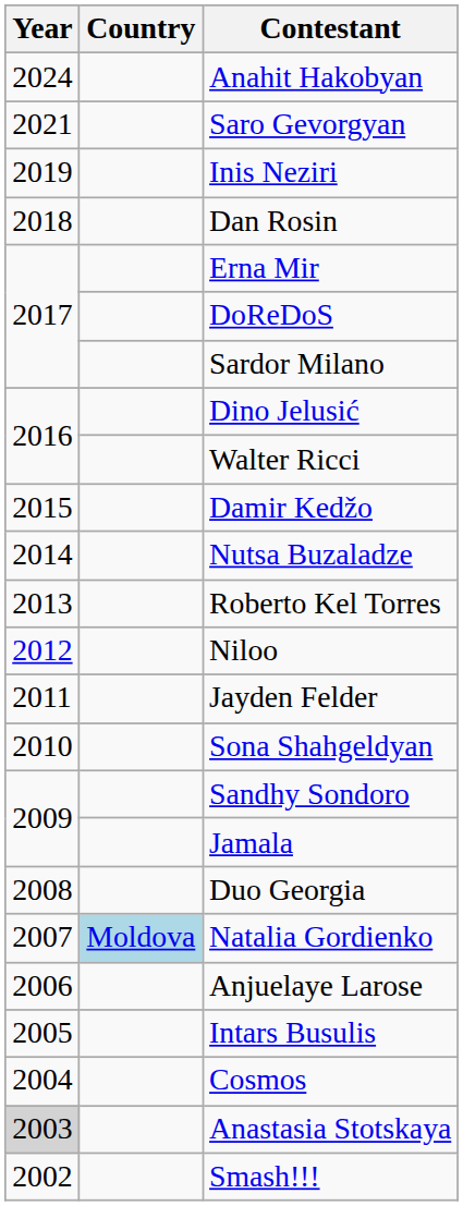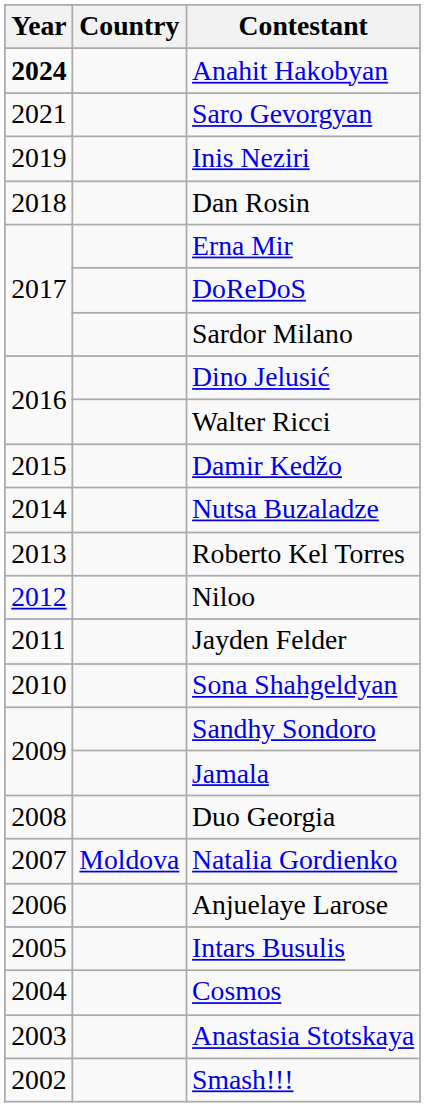 <table class="wikitable">
 <tr>
 <th>Year</th>
 <th>Country</th>
 <th>Contestant</th>
 </tr>
 <tr>
-<td>2024</td>
+<td><strong>2024</strong></td>
 <td></td>
 <td><a href='#'>Anahit Hakobyan</a></td>
 </tr>
 <tr>
 <td>2021</td>
 <td></td>
 <td><a href='#'>Saro Gevorgyan</a></td>
 </tr>
 <tr>
 <td>2019</td>
 <td></td>
 <td><a href='#'>Inis Neziri</a></td>
 </tr>
 <tr>
 <td>2018</td>
 <td></td>
 <td>Dan Rosin</td>
 </tr>
 <tr>
 <td rowspan="3">2017</td>
 <td></td>
 <td><a href='#'>Erna Mir</a></td>
 </tr>
 <tr>
 <td></td>
 <td><a href='#'>DoReDoS</a></td>
 </tr>
 <tr>
 <td></td>
 <td>Sardor Milano</td>
 </tr>
 <tr>
 <td rowspan="2">2016</td>
 <td></td>
 <td><a href='#'>Dino Jelusić</a></td>
 </tr>
 <tr>
 <td></td>
 <td>Walter Ricci</td>
 </tr>
 <tr>
 <td>2015</td>
 <td></td>
 <td><a href='#'>Damir Kedžo</a></td>
 </tr>
 <tr>
 <td>2014</td>
 <td></td>
 <td><a href='#'>Nutsa Buzaladze</a></td>
 </tr>
 <tr>
 <td>2013</td>
 <td></td>
 <td>Roberto Kel Torres</td>
 </tr>
 <tr>
 <td><a href='#'>2012</a></td>
 <td></td>
 <td>Niloo</td>
 </tr>
 <tr>
 <td>2011</td>
 <td></td>
 <td>Jayden Felder</td>
 </tr>
 <tr>
 <td>2010</td>
 <td></td>
 <td><a href='#'>Sona Shahgeldyan</a></td>
 </tr>
 <tr>
 <td rowspan="2">2009</td>
 <td></td>
 <td><a href='#'>Sandhy Sondoro</a></td>
 </tr>
 <tr>
 <td></td>
 <td><a href='#'>Jamala</a></td>
 </tr>
 <tr>
 <td>2008</td>
 <td></td>
 <td>Duo Georgia</td>
 </tr>
 <tr>
 <td>2007</td>
-<td style="background: lightblue;"> <a href='#'>Moldova</a></td>
+<td> <a href='#'>Moldova</a></td>
 <td><a href='#'>Natalia Gordienko</a></td>
 </tr>
 <tr>
 <td>2006</td>
 <td></td>
 <td>Anjuelaye Larose</td>
 </tr>
 <tr>
 <td>2005</td>
 <td></td>
 <td><a href='#'>Intars Busulis</a></td>
 </tr>
 <tr>
 <td>2004</td>
 <td></td>
 <td><a href='#'>Cosmos</a></td>
 </tr>
 <tr>
-<td style="background: lightgrey;">2003</td>
+<td>2003</td>
 <td></td>
 <td><a href='#'>Anastasia Stotskaya</a></td>
 </tr>
 <tr>
 <td>2002</td>
 <td></td>
 <td><a href='#'>Smash!!!</a></td>
 </tr>
 </table>
